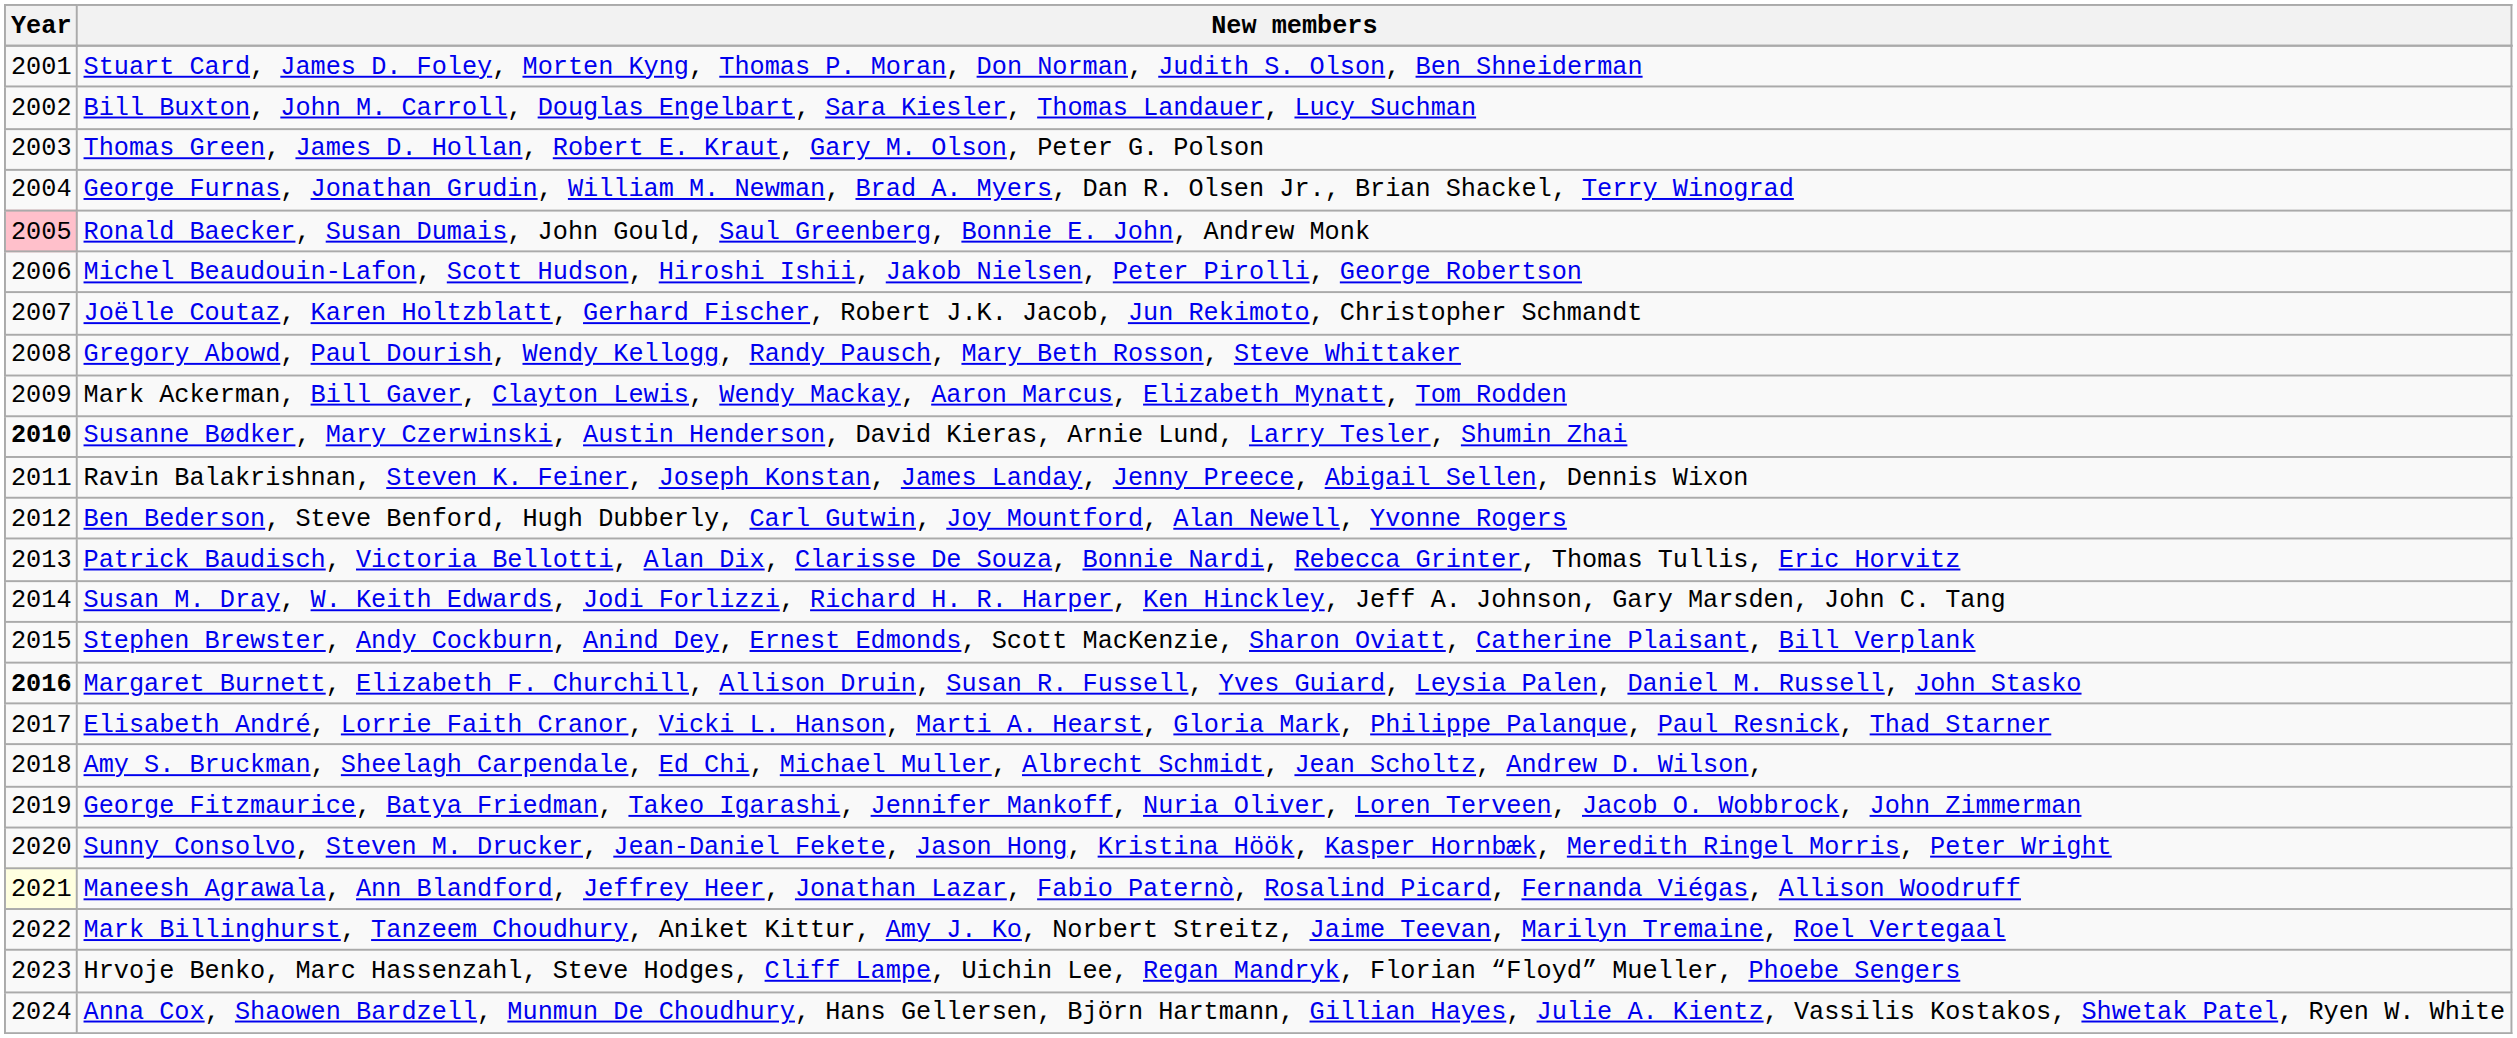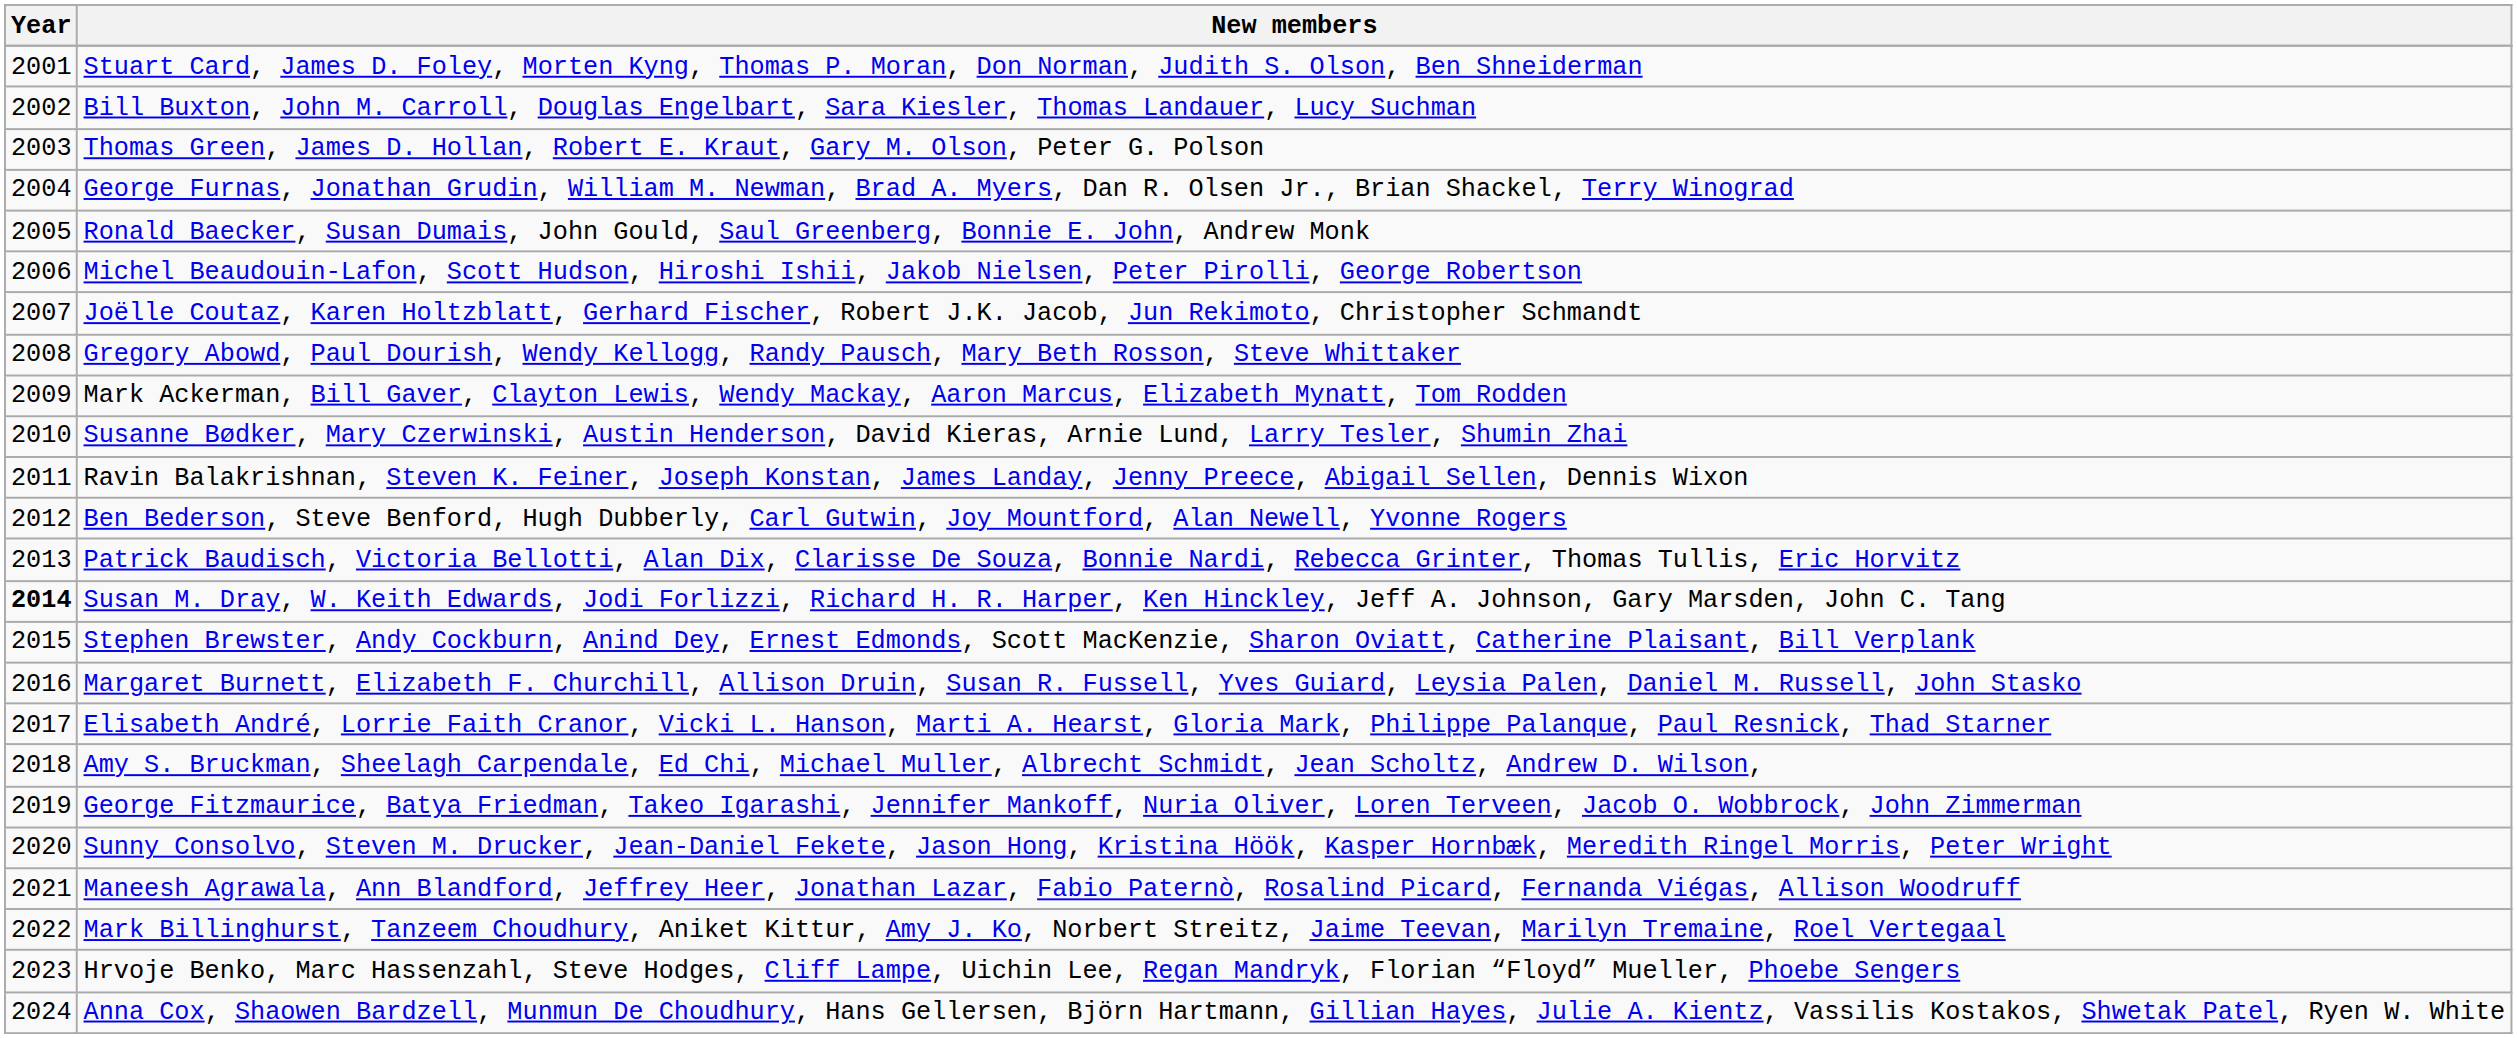 <table class="wikitable">
 <tr>
 <th>Year</th>
 <th>New members</th>
 </tr>
 <tr>
 </tr>
 <tr>
 <td>2001</td>
 <td><a href='#'>Stuart Card</a>, <a href='#'>James D. Foley</a>, <a href='#'>Morten Kyng</a>, <a href='#'>Thomas P. Moran</a>, <a href='#'>Don Norman</a>, <a href='#'>Judith S. Olson</a>, <a href='#'>Ben Shneiderman</a></td>
 </tr>
 <tr>
 <td>2002</td>
 <td><a href='#'>Bill Buxton</a>, <a href='#'>John M. Carroll</a>, <a href='#'>Douglas Engelbart</a>, <a href='#'>Sara Kiesler</a>, <a href='#'>Thomas Landauer</a>, <a href='#'>Lucy Suchman</a></td>
 </tr>
 <tr>
 <td>2003</td>
 <td><a href='#'>Thomas Green</a>, <a href='#'>James D. Hollan</a>, <a href='#'>Robert E. Kraut</a>, <a href='#'>Gary M. Olson</a>, Peter G. Polson</td>
 </tr>
 <tr>
 <td>2004</td>
 <td><a href='#'>George Furnas</a>, <a href='#'>Jonathan Grudin</a>, <a href='#'>William M. Newman</a>, <a href='#'>Brad A. Myers</a>, Dan R. Olsen Jr., Brian Shackel, <a href='#'>Terry Winograd</a></td>
 </tr>
 <tr>
-<td style="background: pink;">2005</td>
+<td>2005</td>
 <td><a href='#'>Ronald Baecker</a>, <a href='#'>Susan Dumais</a>, John Gould, <a href='#'>Saul Greenberg</a>, <a href='#'>Bonnie E. John</a>, Andrew Monk</td>
 </tr>
 <tr>
 <td>2006</td>
 <td><a href='#'>Michel Beaudouin-Lafon</a>, <a href='#'>Scott Hudson</a>, <a href='#'>Hiroshi Ishii</a>, <a href='#'>Jakob Nielsen</a>, <a href='#'>Peter Pirolli</a>, <a href='#'>George Robertson</a></td>
 </tr>
 <tr>
 <td>2007</td>
 <td><a href='#'>Joëlle Coutaz</a>, <a href='#'>Karen Holtzblatt</a>, <a href='#'>Gerhard Fischer</a>, Robert J.K. Jacob, <a href='#'>Jun Rekimoto</a>, Christopher Schmandt</td>
 </tr>
 <tr>
 <td>2008</td>
 <td><a href='#'>Gregory Abowd</a>, <a href='#'>Paul Dourish</a>, <a href='#'>Wendy Kellogg</a>, <a href='#'>Randy Pausch</a>, <a href='#'>Mary Beth Rosson</a>, <a href='#'>Steve Whittaker</a></td>
 </tr>
 <tr>
 <td>2009</td>
 <td>Mark Ackerman, <a href='#'>Bill Gaver</a>, <a href='#'>Clayton Lewis</a>, <a href='#'>Wendy Mackay</a>, <a href='#'>Aaron Marcus</a>, <a href='#'>Elizabeth Mynatt</a>, <a href='#'>Tom Rodden</a></td>
 </tr>
 <tr>
-<td><strong>2010</strong></td>
+<td>2010</td>
 <td><a href='#'>Susanne Bødker</a>, <a href='#'>Mary Czerwinski</a>, <a href='#'>Austin Henderson</a>, David Kieras, Arnie Lund, <a href='#'>Larry Tesler</a>, <a href='#'>Shumin Zhai</a></td>
 </tr>
 <tr>
 <td>2011</td>
 <td>Ravin Balakrishnan, <a href='#'>Steven K. Feiner</a>, <a href='#'>Joseph Konstan</a>, <a href='#'>James Landay</a>, <a href='#'>Jenny Preece</a>, <a href='#'>Abigail Sellen</a>, Dennis Wixon</td>
 </tr>
 <tr>
 <td>2012</td>
 <td><a href='#'>Ben Bederson</a>, Steve Benford, Hugh Dubberly, <a href='#'>Carl Gutwin</a>, <a href='#'>Joy Mountford</a>, <a href='#'>Alan Newell</a>, <a href='#'>Yvonne Rogers</a></td>
 </tr>
 <tr>
 <td>2013</td>
 <td><a href='#'>Patrick Baudisch</a>, <a href='#'>Victoria Bellotti</a>, <a href='#'>Alan Dix</a>, <a href='#'>Clarisse De Souza</a>, <a href='#'>Bonnie Nardi</a>, <a href='#'>Rebecca Grinter</a>, Thomas Tullis, <a href='#'>Eric Horvitz</a></td>
 </tr>
 <tr>
-<td>2014</td>
+<td><strong>2014</strong></td>
 <td><a href='#'>Susan M. Dray</a>, <a href='#'>W. Keith Edwards</a>, <a href='#'>Jodi Forlizzi</a>, <a href='#'>Richard H. R. Harper</a>, <a href='#'>Ken Hinckley</a>, Jeff A. Johnson, Gary Marsden, John C. Tang</td>
 </tr>
 <tr>
 <td>2015</td>
 <td><a href='#'>Stephen Brewster</a>, <a href='#'>Andy Cockburn</a>, <a href='#'>Anind Dey</a>, <a href='#'>Ernest Edmonds</a>, Scott MacKenzie, <a href='#'>Sharon Oviatt</a>, <a href='#'>Catherine Plaisant</a>, <a href='#'>Bill Verplank</a></td>
 </tr>
 <tr>
-<td><strong>2016</strong></td>
+<td>2016</td>
 <td><a href='#'>Margaret Burnett</a>, <a href='#'>Elizabeth F. Churchill</a>, <a href='#'>Allison Druin</a>, <a href='#'>Susan R. Fussell</a>, <a href='#'>Yves Guiard</a>, <a href='#'>Leysia Palen</a>, <a href='#'>Daniel M. Russell</a>, <a href='#'>John Stasko</a></td>
 </tr>
 <tr>
 <td>2017</td>
 <td><a href='#'>Elisabeth André</a>, <a href='#'>Lorrie Faith Cranor</a>, <a href='#'>Vicki L. Hanson</a>, <a href='#'>Marti A. Hearst</a>, <a href='#'>Gloria Mark</a>, <a href='#'>Philippe Palanque</a>, <a href='#'>Paul Resnick</a>, <a href='#'>Thad Starner</a></td>
 </tr>
 <tr>
 <td>2018</td>
 <td><a href='#'>Amy S. Bruckman</a>, <a href='#'>Sheelagh Carpendale</a>, <a href='#'>Ed Chi</a>, <a href='#'>Michael Muller</a>, <a href='#'>Albrecht Schmidt</a>, <a href='#'>Jean Scholtz</a>, <a href='#'>Andrew D. Wilson</a>, </td>
 </tr>
 <tr>
 <td>2019</td>
 <td><a href='#'>George Fitzmaurice</a>, <a href='#'>Batya Friedman</a>, <a href='#'>Takeo Igarashi</a>, <a href='#'>Jennifer Mankoff</a>, <a href='#'>Nuria Oliver</a>, <a href='#'>Loren Terveen</a>, <a href='#'>Jacob O. Wobbrock</a>, <a href='#'>John Zimmerman</a></td>
 </tr>
 <tr>
 <td>2020</td>
 <td><a href='#'>Sunny Consolvo</a>, <a href='#'>Steven M. Drucker</a>, <a href='#'>Jean-Daniel Fekete</a>, <a href='#'>Jason Hong</a>, <a href='#'>Kristina Höök</a>, <a href='#'>Kasper Hornbæk</a>, <a href='#'>Meredith Ringel Morris</a>, <a href='#'>Peter Wright</a></td>
 </tr>
 <tr>
-<td style="background: lightyellow;">2021</td>
+<td>2021</td>
 <td><a href='#'>Maneesh Agrawala</a>, <a href='#'>Ann Blandford</a>, <a href='#'>Jeffrey Heer</a>, <a href='#'>Jonathan Lazar</a>, <a href='#'>Fabio Paternò</a>, <a href='#'>Rosalind Picard</a>, <a href='#'>Fernanda Viégas</a>, <a href='#'>Allison Woodruff</a></td>
 </tr>
 <tr>
 <td>2022</td>
 <td><a href='#'>Mark Billinghurst</a>, <a href='#'>Tanzeem Choudhury</a>, Aniket Kittur, <a href='#'>Amy J. Ko</a>, Norbert Streitz, <a href='#'>Jaime Teevan</a>, <a href='#'>Marilyn Tremaine</a>, <a href='#'>Roel Vertegaal</a></td>
 </tr>
 <tr>
 <td>2023</td>
 <td>Hrvoje Benko, Marc Hassenzahl, Steve Hodges, <a href='#'>Cliff Lampe</a>, Uichin Lee, <a href='#'>Regan Mandryk</a>, Florian “Floyd” Mueller, <a href='#'>Phoebe Sengers</a></td>
 </tr>
 <tr>
 <td>2024</td>
 <td><a href='#'>Anna Cox</a>, <a href='#'>Shaowen Bardzell</a>, <a href='#'>Munmun De Choudhury</a>, Hans Gellersen, Björn Hartmann, <a href='#'>Gillian Hayes</a>, <a href='#'>Julie A. Kientz</a>, Vassilis Kostakos, <a href='#'>Shwetak Patel</a>, Ryen W. White</td>
 </tr>
 </table>
